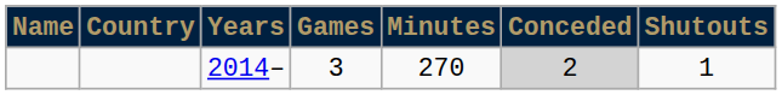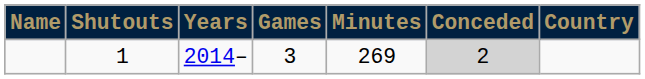 <table class="wikitable sortable" style="text-align:center;">
 <tr>
 <th style="background:#002040; color:#B19B69;" scope="col">Name</th>
-<th style="background:#002040; color:#B19B69;" scope="col">Country</th>
+<th style="background:#002040; color:#B19B69;" scope="col">Shutouts</th>
 <th style="background:#002040; color:#B19B69;" scope="col">Years</th>
 <th style="background:#002040; color:#B19B69;" scope="col">Games</th>
 <th style="background:#002040; color:#B19B69;" scope="col">Minutes</th>
 <th style="background:#002040; color:#B19B69;" scope="col">Conceded</th>
-<th style="background:#002040; color:#B19B69;" scope="col">Shutouts</th>
+<th style="background:#002040; color:#B19B69;" scope="col">Country</th>
 </tr>
 <tr>
 <td align=left></td>
-<td align=left></td>
+<td>1</td>
 <td><a href='#'>2014</a>–</td>
 <td>3</td>
-<td>270</td>
+<td>269</td>
 <td style="background: lightgrey;">2</td>
-<td>1</td>
+<td align=left></td>
 </tr>
 </table>
